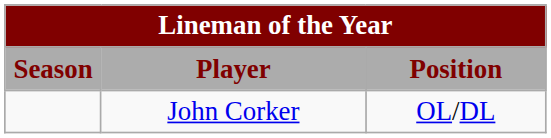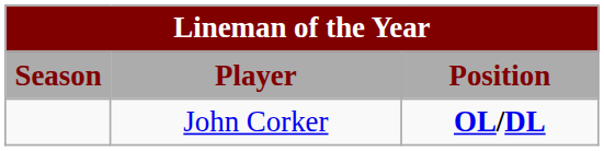 <table class="wikitable sortable" style="text-align:center">
 <tr>
 <td colspan="4" style="background:#800000; color:white;"><strong>Lineman of the Year</strong></td>
 </tr>
 <tr>
 <th style="width:50px; background:#ACACAC; color:#800000;">Season</th>
 <th style="width:150px; background:#ACACAC; color:#800000;">Player</th>
 <th style="width:100px; background:#ACACAC; color:#800000;">Position</th>
 </tr>
 <tr>
 <td></td>
 <td><a href='#'>John Corker</a></td>
-<td><a href='#'>OL</a>/<a href='#'>DL</a></td>
+<td><strong><a href='#'>OL</a>/<a href='#'>DL</a></strong></td>
 </tr>
 </table>
